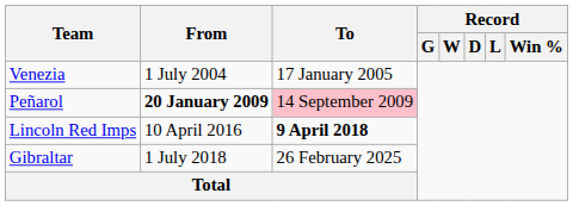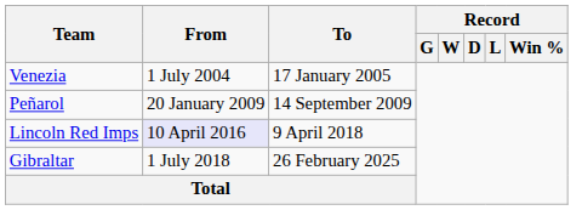 <table class="wikitable" style="text-align: center">
 <tr>
 <th rowspan="2">Team</th>
 <th rowspan="2">From</th>
 <th rowspan="2">To</th>
 <th colspan="5">Record</th>
 </tr>
 <tr>
 <th>G</th>
 <th>W</th>
 <th>D</th>
 <th>L</th>
 <th>Win %</th>
 </tr>
 <tr>
 <td align=left><a href='#'>Venezia</a></td>
 <td align=left>1 July 2004</td>
 <td align=left>17 January 2005<br></td>
 </tr>
 <tr>
 <td align=left><a href='#'>Peñarol</a></td>
-<td align=left><strong>20 January 2009</strong></td>
-<td align=left style="background: pink;">14 September 2009<br></td>
+<td align=left>20 January 2009</td>
+<td align=left>14 September 2009<br></td>
 </tr>
 <tr>
 <td align=left><a href='#'>Lincoln Red Imps</a></td>
-<td align=left>10 April 2016</td>
-<td align=left><strong>9 April 2018<br></strong></td>
+<td align=left style="background: lavender;">10 April 2016</td>
+<td align=left>9 April 2018<br></td>
 </tr>
 <tr>
 <td align=left><a href='#'>Gibraltar</a></td>
 <td align=left>1 July 2018</td>
 <td align=left>26 February 2025<br></td>
 </tr>
 <tr>
 <th colspan="3">Total<br></th>
 </tr>
 </table>
